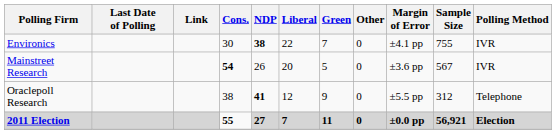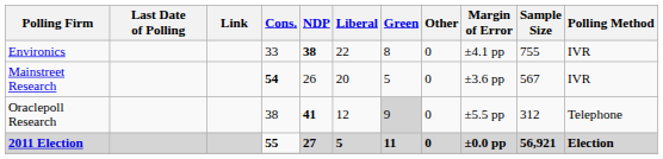 <table class="wikitable sortable">
 <tr style="background:#e9e9e9;">
 <th style="width:120px">Polling Firm</th>
 <th style="width:110px">Last Date<br>of Polling</th>
 <th style="width:60px" class="unsortable">Link</th>
 <th style="background-color:"><strong><a href='#'>Cons.</a></strong></th>
 <th style="background-color:"><strong><a href='#'>NDP</a></strong></th>
 <th style="background-color:"><strong><a href='#'>Liberal</a></strong></th>
 <th style="background-color:"><strong><a href='#'>Green</a></strong></th>
 <th style="background-color:"><strong>Other</strong></th>
 <th style="width:60px;" class=unsortable>Margin<br>of Error</th>
 <th style="width:50px;" class=unsortable>Sample<br>Size</th>
 <th class=unsortable>Polling Method</th>
 </tr>
 <tr>
 <td><a href='#'>Environics</a></td>
 <td></td>
 <td></td>
-<td>30</td>
+<td>33</td>
 <td><strong>38</strong></td>
 <td>22</td>
-<td>7</td>
+<td>8</td>
 <td>0</td>
 <td>±4.1 pp</td>
 <td>755</td>
 <td>IVR</td>
 </tr>
 <tr>
 <td><a href='#'>Mainstreet Research</a></td>
 <td></td>
 <td></td>
 <td><strong>54</strong></td>
 <td>26</td>
 <td>20</td>
 <td>5</td>
 <td>0</td>
 <td>±3.6 pp</td>
 <td>567</td>
 <td>IVR</td>
 </tr>
 <tr>
 <td>Oraclepoll Research</td>
 <td></td>
 <td></td>
 <td>38</td>
 <td><strong>41</strong></td>
 <td>12</td>
-<td>9</td>
+<td style="background: lightgrey;">9</td>
 <td>0</td>
 <td>±5.5 pp</td>
 <td>312</td>
 <td>Telephone</td>
 </tr>
 <tr>
 <td style="background:#D5D5D5"><strong><a href='#'>2011 Election</a></strong></td>
 <td style="background:#D5D5D5"><strong></strong></td>
 <td style="background:#D5D5D5"></td>
 <td><strong>55</strong></td>
 <td style="background:#D5D5D5"><strong>27</strong></td>
-<td style="background:#D5D5D5"><strong>7</strong></td>
+<td style="background:#D5D5D5"><strong>5</strong></td>
 <td style="background:#D5D5D5"><strong>11</strong></td>
 <td style="background:#D5D5D5"><strong>0</strong></td>
 <td style="background:#D5D5D5"><strong>±0.0 pp</strong></td>
 <td style="background:#D5D5D5"><strong>56,921</strong></td>
 <td style="background:#D5D5D5"><strong>Election</strong></td>
 </tr>
 <tr>
 </tr>
 <tr>
 </tr>
 </table>
